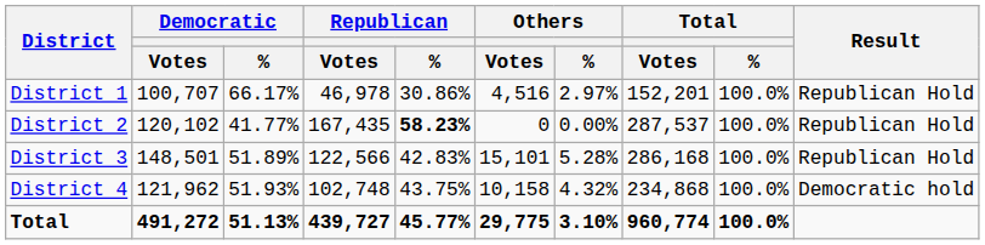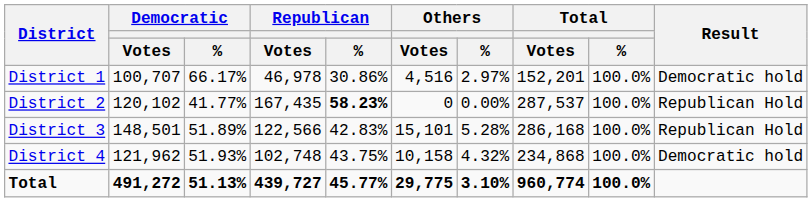 <table class="wikitable plainrowheaders sortable" style="font-size:100%; text-align:right;">
 <tr>
 <th scope=col rowspan=3><a href='#'>District</a></th>
 <th scope=col colspan=2><a href='#'>Democratic</a></th>
 <th scope=col colspan=2><a href='#'>Republican</a></th>
 <th scope=col colspan=2>Others</th>
 <th scope=col colspan=2>Total</th>
 <th scope=col rowspan=3>Result</th>
 </tr>
 <tr>
 <th scope=col colspan=2 style="background:"></th>
 <th scope=col colspan=2 style="background:"></th>
 <th scope=col colspan=2></th>
 <th scope=col colspan=2></th>
 </tr>
 <tr>
 <th scope=col data-sort-type="number">Votes</th>
 <th scope=col data-sort-type="number">%</th>
 <th scope=col data-sort-type="number">Votes</th>
 <th scope=col data-sort-type="number">%</th>
 <th scope=col data-sort-type="number">Votes</th>
 <th scope=col data-sort-type="number">%</th>
 <th scope=col data-sort-type="number">Votes</th>
 <th scope=col data-sort-type="number">%</th>
 </tr>
 <tr>
 <td align=left><a href='#'>District 1</a></td>
 <td>100,707</td>
 <td>66.17%</td>
 <td>46,978</td>
 <td>30.86%</td>
 <td>4,516</td>
 <td>2.97%</td>
 <td>152,201</td>
 <td>100.0%</td>
-<td align=left>Republican Hold</td>
+<td align=left>Democratic hold</td>
 </tr>
 <tr>
 <td align=left><a href='#'>District 2</a></td>
 <td>120,102</td>
 <td>41.77%</td>
 <td>167,435</td>
 <td><strong>58.23%</strong></td>
 <td>0</td>
 <td>0.00%</td>
 <td>287,537</td>
 <td>100.0%</td>
 <td align=left>Republican Hold</td>
 </tr>
 <tr>
 <td align=left><a href='#'>District 3</a></td>
 <td>148,501</td>
 <td>51.89%</td>
 <td>122,566</td>
 <td>42.83%</td>
 <td>15,101</td>
 <td>5.28%</td>
 <td>286,168</td>
 <td>100.0%</td>
 <td align=left>Republican Hold</td>
 </tr>
 <tr>
 <td align=left><a href='#'>District 4</a></td>
 <td>121,962</td>
 <td>51.93%</td>
 <td>102,748</td>
 <td>43.75%</td>
 <td>10,158</td>
 <td>4.32%</td>
 <td>234,868</td>
 <td>100.0%</td>
 <td align=left>Democratic hold</td>
 </tr>
 <tr class="sortbottom" style="font-weight:bold">
 <td align=left>Total</td>
 <td>491,272</td>
 <td>51.13%</td>
 <td>439,727</td>
 <td>45.77%</td>
 <td>29,775</td>
 <td>3.10%</td>
 <td>960,774</td>
 <td>100.0%</td>
 <td></td>
 </tr>
 </table>
